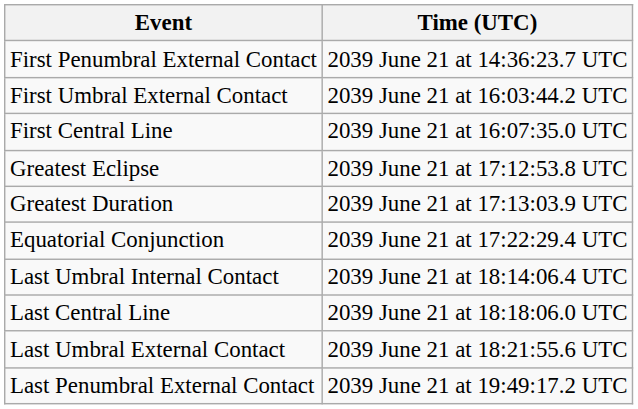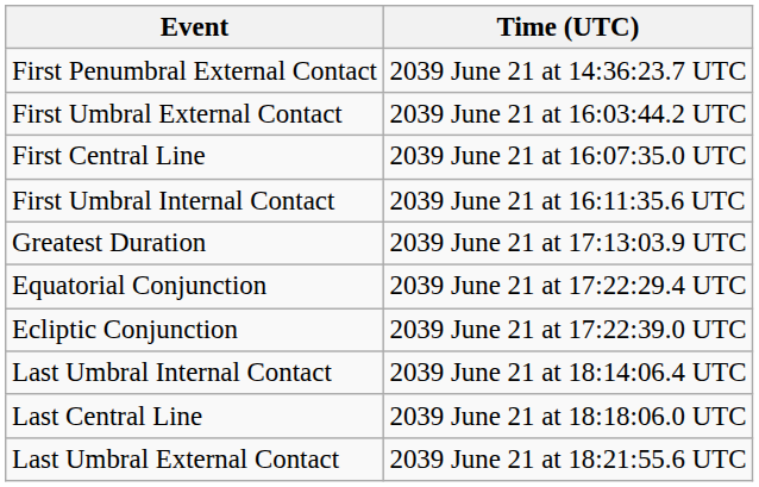 <table class="wikitable">
 <tr>
 <th>Event</th>
 <th>Time (UTC)</th>
 </tr>
 <tr>
 <td>First Penumbral External Contact</td>
 <td>2039 June 21 at 14:36:23.7 UTC</td>
 </tr>
 <tr>
 <td>First Umbral External Contact</td>
 <td>2039 June 21 at 16:03:44.2 UTC</td>
 </tr>
 <tr>
 <td>First Central Line</td>
 <td>2039 June 21 at 16:07:35.0 UTC</td>
 </tr>
 <tr>
-<td>Greatest Eclipse</td>
-<td>2039 June 21 at 17:12:53.8 UTC</td>
+<td>First Umbral Internal Contact</td>
+<td>2039 June 21 at 16:11:35.6 UTC</td>
 </tr>
 <tr>
 <td>Greatest Duration</td>
 <td>2039 June 21 at 17:13:03.9 UTC</td>
 </tr>
 <tr>
 <td>Equatorial Conjunction</td>
 <td>2039 June 21 at 17:22:29.4 UTC</td>
+</tr>
+<tr>
+<td>Ecliptic Conjunction</td>
+<td>2039 June 21 at 17:22:39.0 UTC</td>
 </tr>
 <tr>
 <td>Last Umbral Internal Contact</td>
 <td>2039 June 21 at 18:14:06.4 UTC</td>
 </tr>
 <tr>
 <td>Last Central Line</td>
 <td>2039 June 21 at 18:18:06.0 UTC</td>
 </tr>
 <tr>
 <td>Last Umbral External Contact</td>
 <td>2039 June 21 at 18:21:55.6 UTC</td>
 </tr>
-<tr>
-<td>Last Penumbral External Contact</td>
-<td>2039 June 21 at 19:49:17.2 UTC</td>
-</tr>
 </table>
